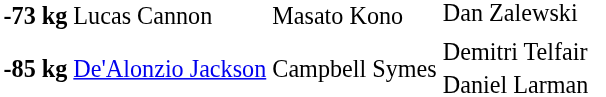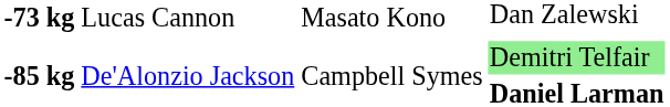 <table>
 <tr>
 <th scope=row rowspan=2>-73 kg</th>
 <td rowspan=2> Lucas Cannon</td>
 <td rowspan=2> Masato Kono</td>
 <td> Dan Zalewski</td>
 </tr>
 <tr>
 <td></td>
 </tr>
 <tr>
 <th scope=row rowspan=2>-85 kg</th>
 <td rowspan=2> <a href='#'>De'Alonzio Jackson</a></td>
 <td rowspan=2> Campbell Symes</td>
-<td> Demitri Telfair</td>
+<td style="background: lightgreen;"> Demitri Telfair</td>
 </tr>
 <tr>
-<td> Daniel Larman</td>
+<td><strong> Daniel Larman</strong></td>
 </tr>
 <tr>
 </tr>
 </table>
